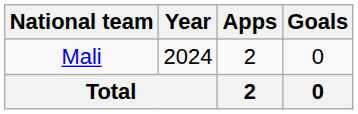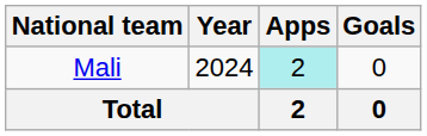 <table class="wikitable" style="text-align:center">
 <tr>
 <th>National team</th>
 <th>Year</th>
 <th>Apps</th>
 <th>Goals</th>
 </tr>
 <tr>
 <td rowspan="1"><a href='#'>Mali</a></td>
 <td>2024</td>
-<td>2</td>
+<td style="background: paleturquoise;">2</td>
 <td>0</td>
 </tr>
 <tr>
 <th colspan="2">Total</th>
 <th>2</th>
 <th>0</th>
 </tr>
 </table>
